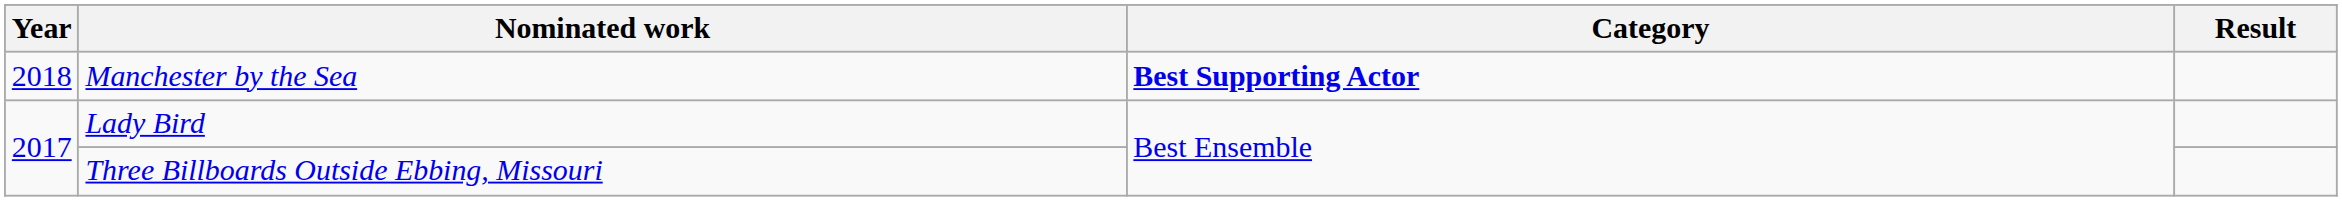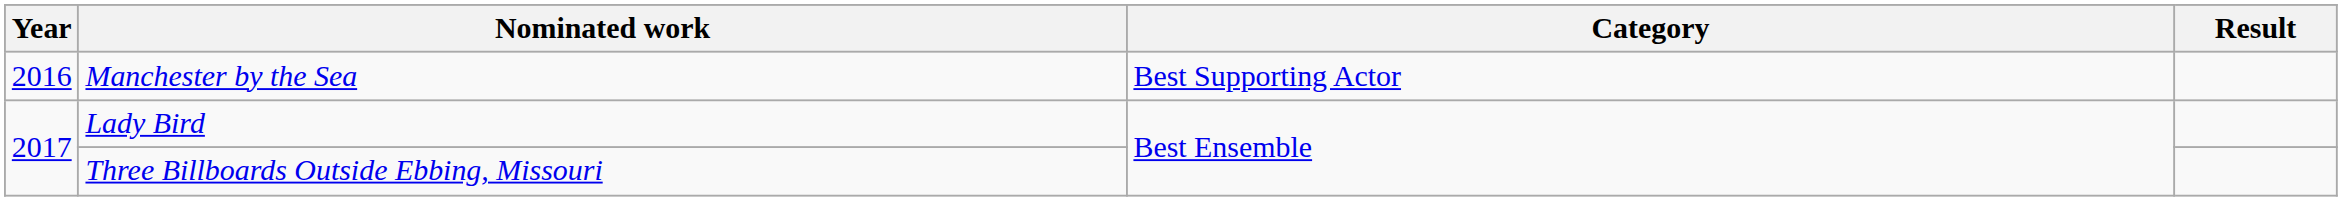 <table class="wikitable">
 <tr>
 <th scope="col" style="width:1em;">Year</th>
 <th scope="col" style="width:35em;">Nominated work</th>
 <th scope="col" style="width:35em;">Category</th>
 <th scope="col" style="width:5em;">Result</th>
 </tr>
 <tr>
-<td><a href='#'>2018</a></td>
+<td><a href='#'>2016</a></td>
 <td><em><a href='#'>Manchester by the Sea</a></em></td>
-<td><strong><a href='#'>Best Supporting Actor</a></strong></td>
+<td><a href='#'>Best Supporting Actor</a></td>
 <td></td>
 </tr>
 <tr>
 <td rowspan="2"><a href='#'>2017</a></td>
 <td><em><a href='#'>Lady Bird</a></em></td>
 <td rowspan="2"><a href='#'>Best Ensemble</a></td>
 <td></td>
 </tr>
 <tr>
 <td><em><a href='#'>Three Billboards Outside Ebbing, Missouri</a></em></td>
 <td></td>
 </tr>
 </table>
